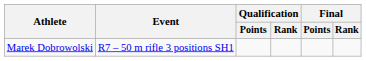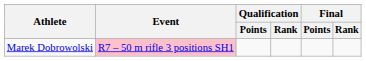 <table class="wikitable" style="font-size:90%">
 <tr>
 <th rowspan="2">Athlete</th>
 <th rowspan="2">Event</th>
 <th colspan="2">Qualification</th>
 <th colspan="2">Final</th>
 </tr>
 <tr style="font-size:95%">
 <th>Points</th>
 <th>Rank</th>
 <th>Points</th>
 <th>Rank</th>
 </tr>
 <tr align=center>
 <td align=left><a href='#'>Marek Dobrowolski</a></td>
-<td align=left><a href='#'>R7 – 50 m rifle 3 positions SH1</a></td>
+<td align=left style="background: pink;"><a href='#'>R7 – 50 m rifle 3 positions SH1</a></td>
 <td></td>
 <td></td>
 <td></td>
 <td></td>
 </tr>
 </table>
